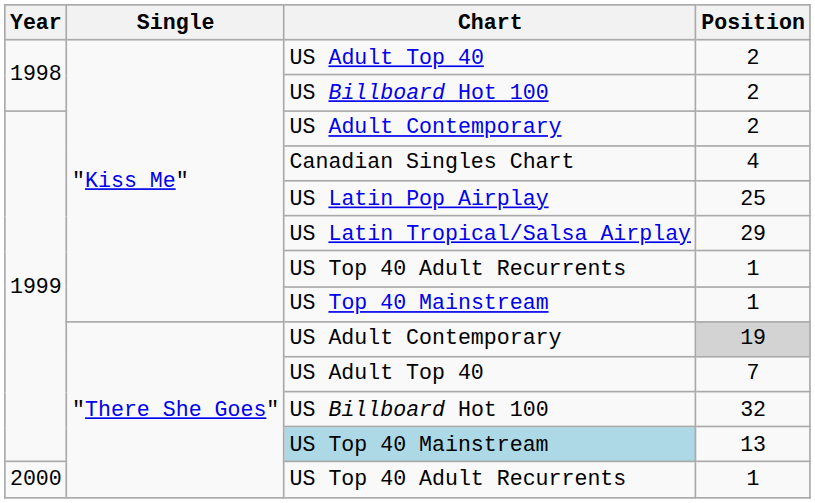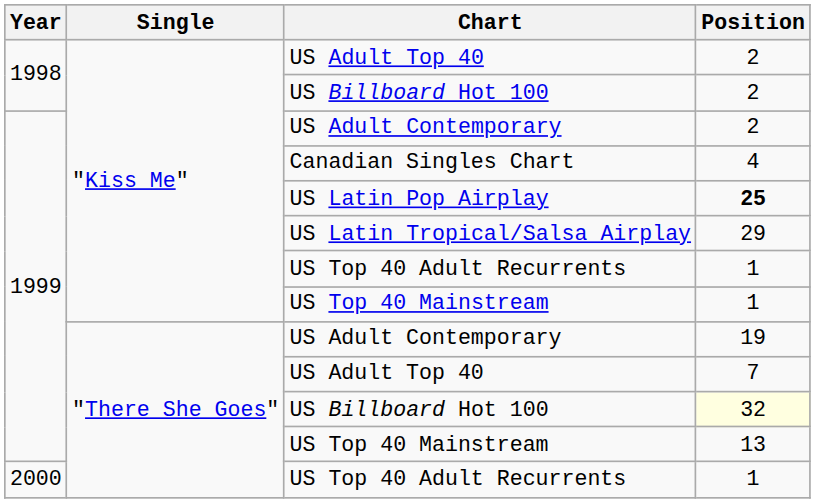 <table class="wikitable">
 <tr>
 <th>Year</th>
 <th>Single</th>
 <th>Chart</th>
 <th>Position</th>
 </tr>
 <tr>
 <td rowspan="2">1998</td>
 <td rowspan="8">"<a href='#'>Kiss Me</a>"</td>
 <td>US <a href='#'>Adult Top 40</a></td>
 <td align="center">2</td>
 </tr>
 <tr>
 <td>US <a href='#'><em>Billboard</em> Hot 100</a></td>
 <td align="center">2</td>
 </tr>
 <tr>
 <td rowspan="10">1999</td>
 <td>US <a href='#'>Adult Contemporary</a></td>
 <td align="center">2</td>
 </tr>
 <tr>
 <td>Canadian Singles Chart</td>
 <td align="center">4</td>
 </tr>
 <tr>
 <td>US <a href='#'>Latin Pop Airplay</a></td>
-<td align="center">25</td>
+<td align="center"><strong>25</strong></td>
 </tr>
 <tr>
 <td>US <a href='#'>Latin Tropical/Salsa Airplay</a></td>
 <td align="center">29</td>
 </tr>
 <tr>
 <td>US Top 40 Adult Recurrents</td>
 <td align="center">1</td>
 </tr>
 <tr>
 <td>US <a href='#'>Top 40 Mainstream</a></td>
 <td align="center">1</td>
 </tr>
 <tr>
 <td rowspan="5">"<a href='#'>There She Goes</a>"</td>
 <td>US Adult Contemporary</td>
-<td align="center" style="background: lightgrey;">19</td>
+<td align="center">19</td>
 </tr>
 <tr>
 <td>US Adult Top 40</td>
 <td align="center">7</td>
 </tr>
 <tr>
 <td>US <em>Billboard</em> Hot 100</td>
-<td align="center">32</td>
+<td align="center" style="background: lightyellow;">32</td>
 </tr>
 <tr>
-<td style="background: lightblue;">US Top 40 Mainstream</td>
+<td>US Top 40 Mainstream</td>
 <td align="center">13</td>
 </tr>
 <tr>
 <td>2000</td>
 <td>US Top 40 Adult Recurrents</td>
 <td align="center">1</td>
 </tr>
 </table>
